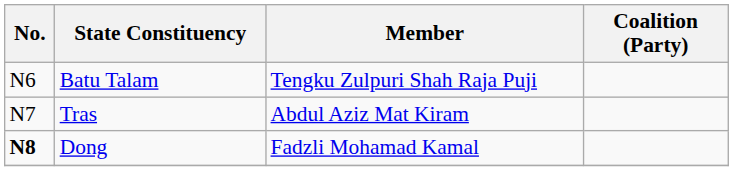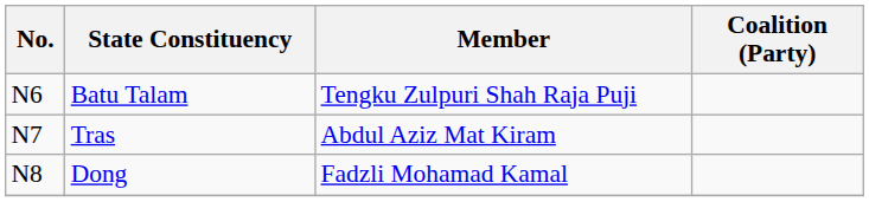 <table class="wikitable">
 <tr>
 <th width="30">No.</th>
 <th width="150">State Constituency</th>
 <th width="230">Member</th>
 <th width="100">Coalition (Party)</th>
 </tr>
 <tr>
 <td>N6</td>
 <td><a href='#'>Batu Talam</a></td>
 <td><a href='#'>Tengku Zulpuri Shah Raja Puji</a></td>
 <td></td>
 </tr>
 <tr>
 <td>N7</td>
 <td><a href='#'>Tras</a></td>
 <td><a href='#'>Abdul Aziz Mat Kiram</a></td>
 <td></td>
 </tr>
 <tr>
-<td><strong>N8</strong></td>
+<td>N8</td>
 <td><a href='#'>Dong</a></td>
 <td><a href='#'>Fadzli Mohamad Kamal</a></td>
 <td></td>
 </tr>
 <tr>
 </tr>
 </table>
